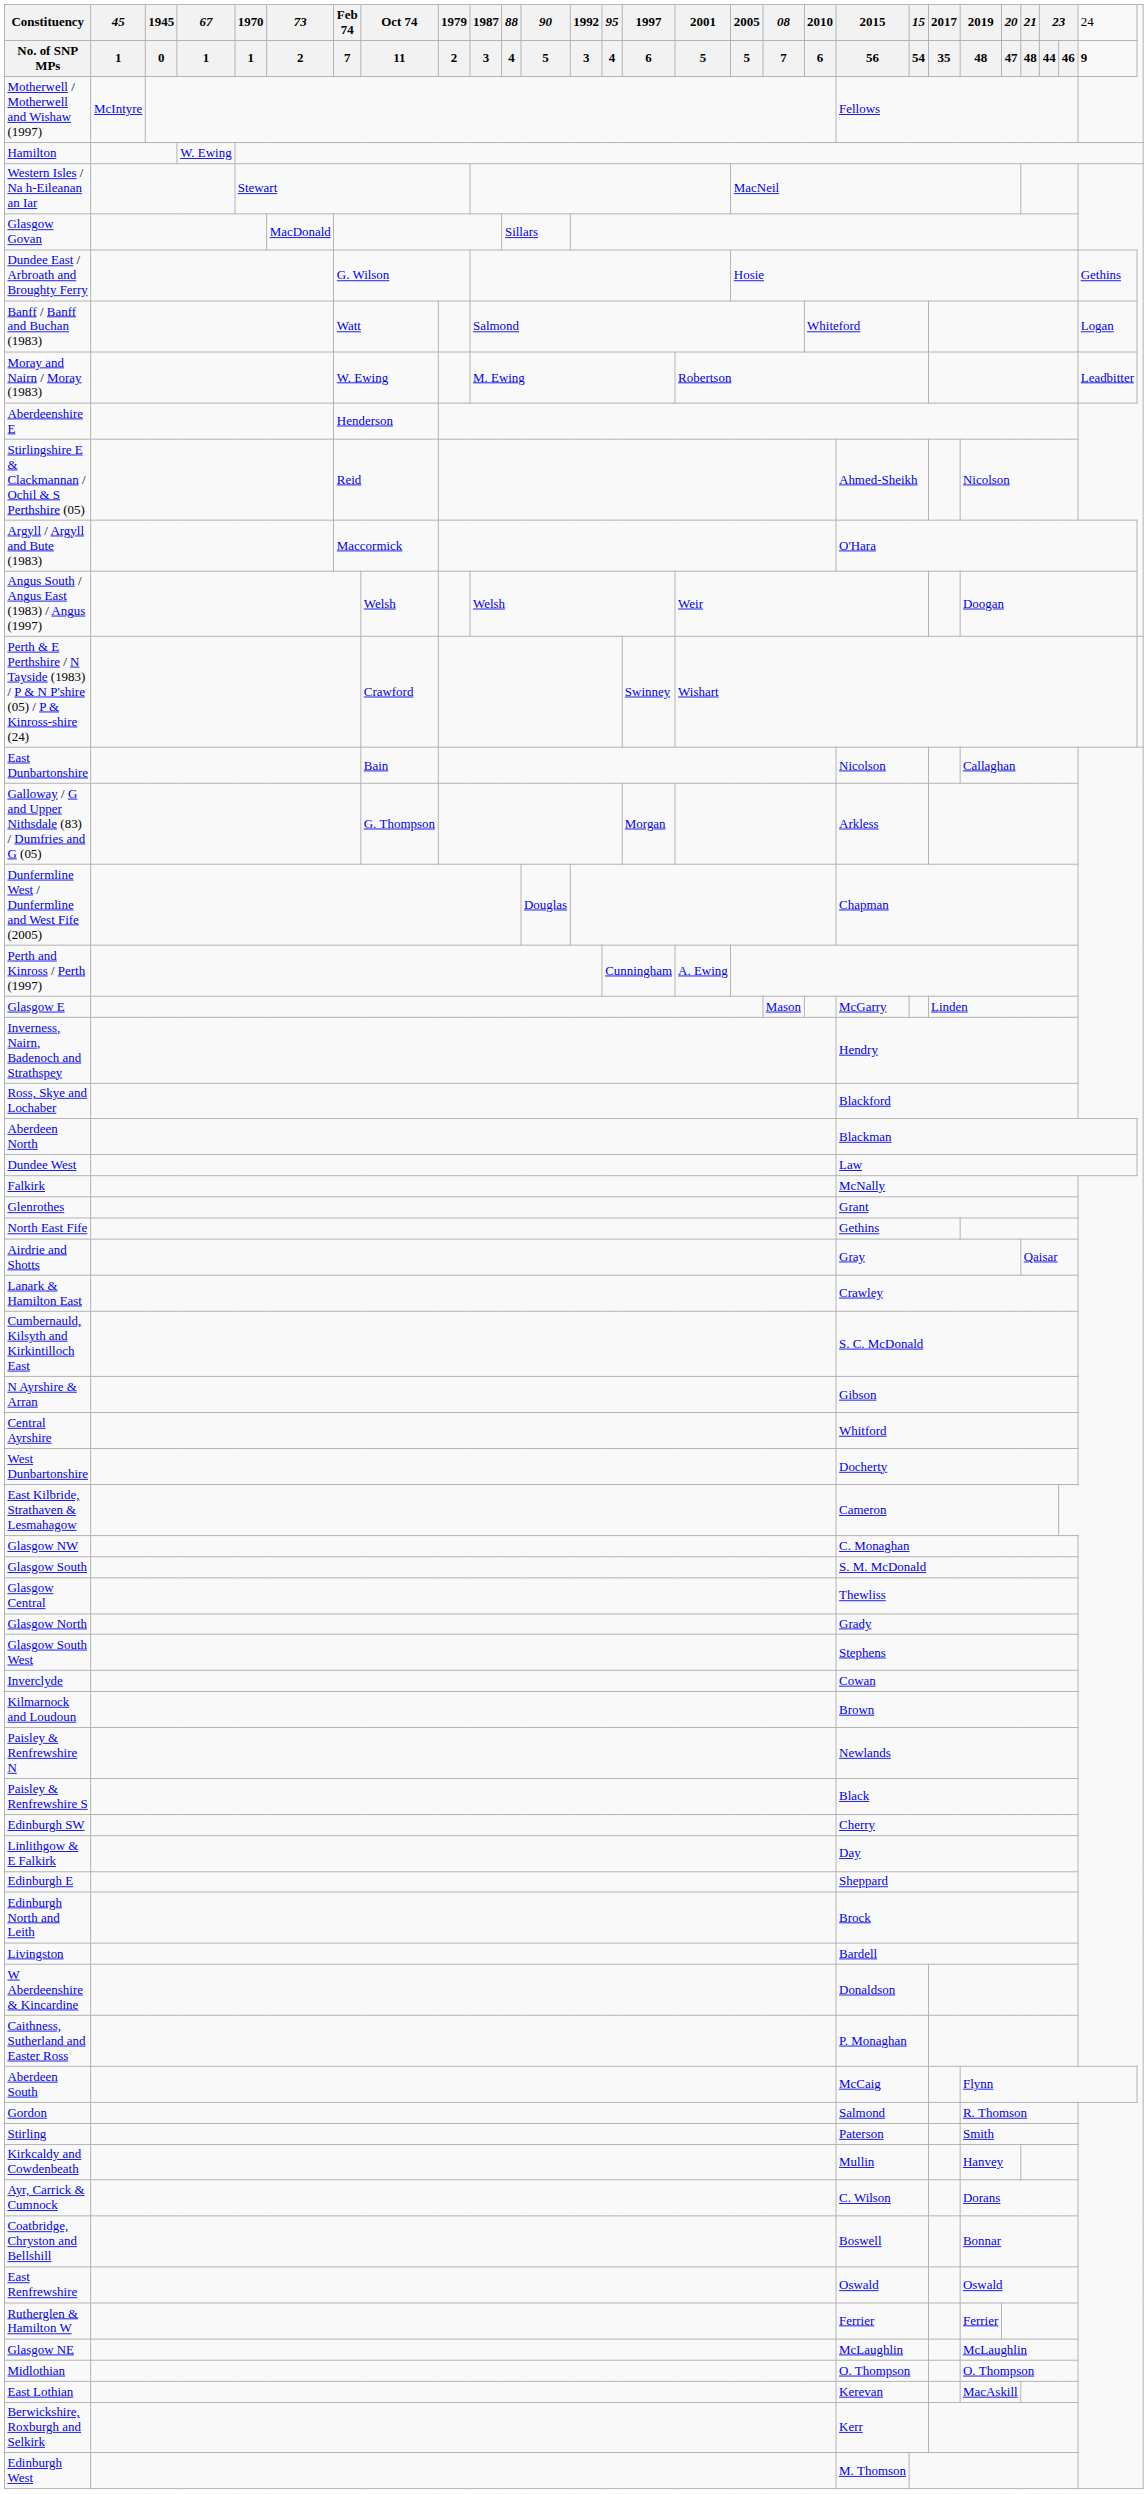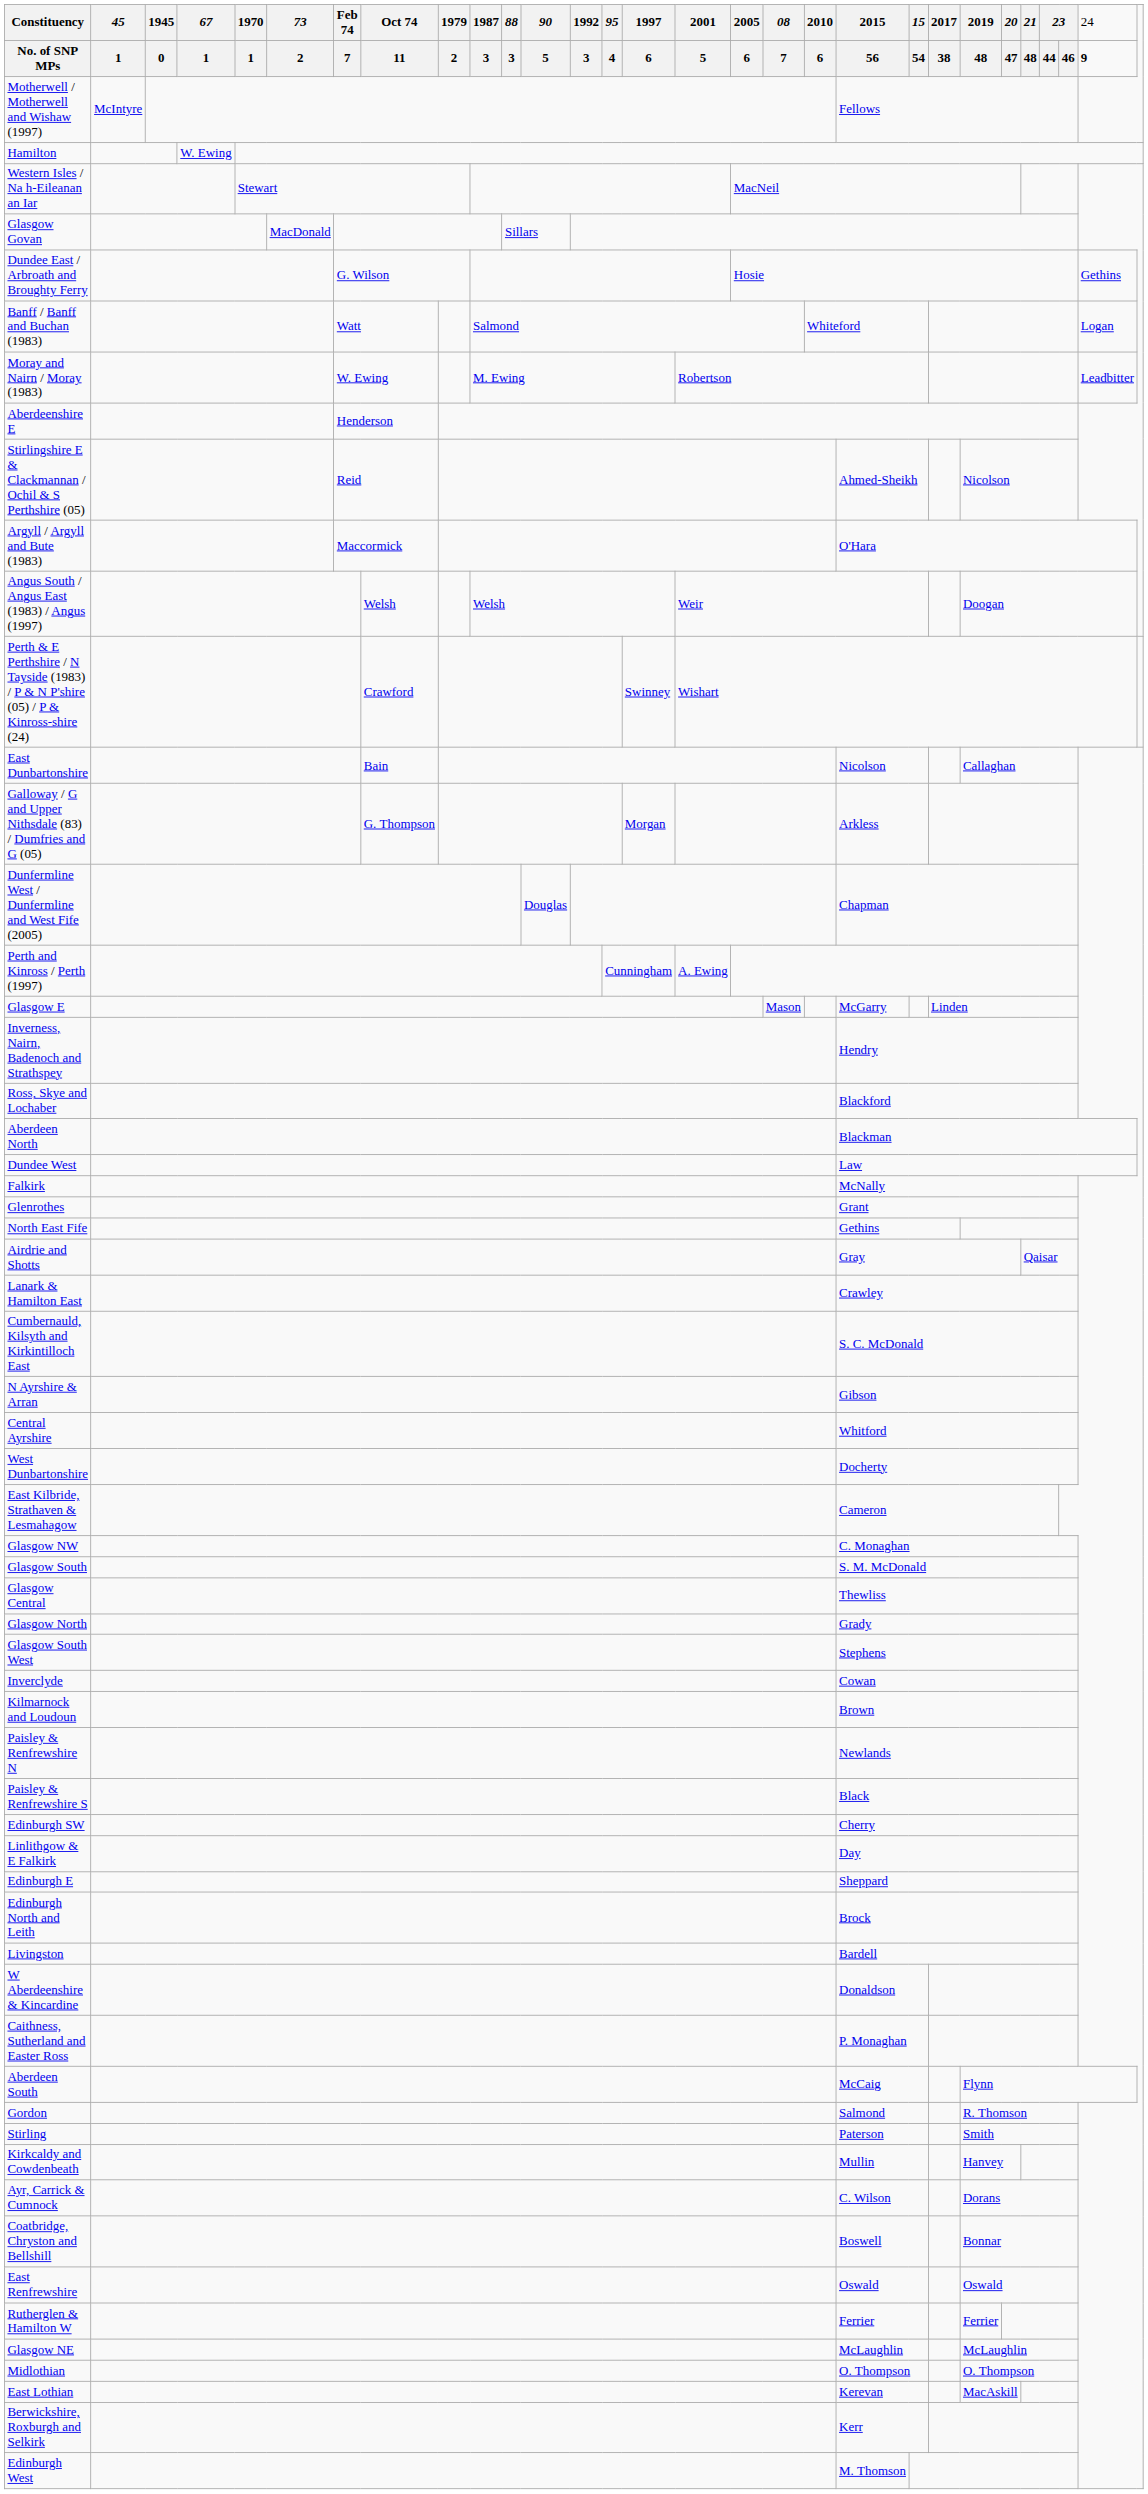 <table class="wikitable" style="font-size:92%">
 <tr>
 <th>Constituency</th>
 <th><em>45</em></th>
 <th>1945</th>
 <th><em>67</em></th>
 <th>1970</th>
 <th><em>73</em></th>
 <th>Feb 74</th>
 <th>Oct 74</th>
 <th>1979</th>
 <th>1987</th>
 <th><em>88</em></th>
 <th><em>90</em></th>
 <th>1992</th>
 <th><em>95</em></th>
 <th>1997</th>
 <th>2001</th>
 <th>2005</th>
 <th><em>08</em></th>
 <th>2010</th>
 <th>2015</th>
 <th><em>15</em></th>
 <th>2017</th>
 <th>2019</th>
 <th><em>20</em></th>
 <th><em>21</em></th>
 <th colspan=2><em>23</em></th>
 <td>24</td>
 </tr>
 <tr>
 <th>No. of SNP MPs</th>
 <th>1</th>
 <th>0</th>
 <th>1</th>
 <th>1</th>
 <th>2</th>
 <th>7</th>
 <th>11</th>
 <th>2</th>
 <th>3</th>
-<th>4</th>
+<th>3</th>
 <th>5</th>
 <th>3</th>
 <th>4</th>
 <th>6</th>
 <th>5</th>
-<th>5</th>
+<th>6</th>
 <th>7</th>
 <th>6</th>
 <th>56</th>
 <th>54</th>
-<th>35</th>
+<th>38</th>
 <th>48</th>
 <th>47</th>
 <th>48</th>
 <th>44</th>
 <th>46</th>
 <td><strong>9</strong></td>
 </tr>
 <tr>
 <td><a href='#'>Motherwell</a> / <a href='#'>Motherwell and Wishaw</a> (1997)</td>
 <td><a href='#'>McIntyre</a></td>
 <td colspan="17"></td>
 <td colspan="8"><a href='#'>Fellows</a></td>
 </tr>
 <tr>
 <td><a href='#'>Hamilton</a></td>
 <td colspan="2"></td>
 <td><a href='#'>W. Ewing</a></td>
 <td colspan="26"></td>
 </tr>
 <tr>
 <td><a href='#'>Western Isles</a> / <a href='#'>Na h-Eileanan an Iar</a></td>
 <td colspan="3"></td>
 <td colspan="5"><a href='#'>Stewart</a></td>
 <td colspan="7"></td>
 <td colspan="8"><a href='#'>MacNeil</a></td>
 <td colspan="3"></td>
 </tr>
 <tr>
 <td><a href='#'>Glasgow Govan</a></td>
 <td colspan="4"></td>
 <td><a href='#'>MacDonald</a></td>
 <td colspan="4"></td>
 <td colspan="2"><a href='#'>Sillars</a></td>
 <td colspan="15"></td>
 </tr>
 <tr>
 <td><a href='#'>Dundee East</a> / <a href='#'>Arbroath and Broughty Ferry</a></td>
 <td colspan="5"></td>
 <td colspan="3"><a href='#'>G. Wilson</a></td>
 <td colspan="7"></td>
 <td colspan="11"><a href='#'>Hosie</a></td>
 <td colspan="1"><a href='#'>Gethins</a></td>
 </tr>
 <tr>
 <td><a href='#'>Banff</a> / <a href='#'>Banff and Buchan</a> (1983)</td>
 <td colspan="5"></td>
 <td colspan="2"><a href='#'>Watt</a></td>
 <td></td>
 <td colspan="9"><a href='#'>Salmond</a></td>
 <td colspan="3"><a href='#'>Whiteford</a></td>
 <td colspan="6"></td>
 <td colspan="1"><a href='#'>Logan</a></td>
 </tr>
 <tr>
 <td><a href='#'>Moray and Nairn</a> / <a href='#'>Moray</a> (1983)</td>
 <td colspan="5"></td>
 <td colspan="2"><a href='#'>W. Ewing</a></td>
 <td></td>
 <td colspan="6"><a href='#'>M. Ewing</a></td>
 <td colspan="6"><a href='#'>Robertson</a></td>
 <td colspan="6"></td>
 <td colspan="1"><a href='#'>Leadbitter</a></td>
 </tr>
 <tr>
 <td><a href='#'>Aberdeenshire E</a></td>
 <td colspan="5"></td>
 <td colspan="2"><a href='#'>Henderson</a></td>
 <td colspan="19"></td>
 </tr>
 <tr>
 <td><a href='#'>Stirlingshire E & Clackmannan</a> / <a href='#'>Ochil & S Perthshire</a> (05)</td>
 <td colspan="5"></td>
 <td colspan="2"><a href='#'>Reid</a></td>
 <td colspan="11"></td>
 <td colspan="2"><a href='#'>Ahmed-Sheikh</a></td>
 <td colspan="1"></td>
 <td colspan="5"><a href='#'>Nicolson</a></td>
 </tr>
 <tr>
 <td><a href='#'>Argyll</a> / <a href='#'>Argyll and Bute</a> (1983)</td>
 <td colspan="5"></td>
 <td colspan="2"><a href='#'>Maccormick</a></td>
 <td colspan="11"></td>
 <td colspan="9"><a href='#'>O'Hara</a></td>
 </tr>
 <tr>
 <td><a href='#'>Angus South</a> / <a href='#'>Angus East</a> (1983) / <a href='#'>Angus</a> (1997)</td>
 <td colspan="6"></td>
 <td><a href='#'>Welsh</a></td>
 <td></td>
 <td colspan="6"><a href='#'>Welsh</a></td>
 <td colspan="6"><a href='#'>Weir</a></td>
 <td></td>
 <td colspan="6"><a href='#'>Doogan</a></td>
 </tr>
 <tr>
 <td><a href='#'>Perth & E Perthshire</a> / <a href='#'>N Tayside</a> (1983) / <a href='#'>P & N P'shire</a> (05) / <a href='#'>P & Kinross-shire</a> (24)</td>
 <td colspan="6"></td>
 <td><a href='#'>Crawford</a></td>
 <td colspan="6"></td>
 <td><a href='#'>Swinney</a></td>
 <td colspan="13"><a href='#'>Wishart</a></td>
 <td></td>
 </tr>
 <tr>
 <td><a href='#'>East Dunbartonshire</a></td>
 <td colspan="6"></td>
 <td><a href='#'>Bain</a></td>
 <td colspan="11"></td>
 <td colspan="2"><a href='#'>Nicolson</a></td>
 <td></td>
 <td colspan="5"><a href='#'>Callaghan</a></td>
 </tr>
 <tr>
 <td><a href='#'>Galloway</a> / <a href='#'>G and Upper Nithsdale</a> (83) / <a href='#'>Dumfries and G</a> (05)</td>
 <td colspan="6"></td>
 <td><a href='#'>G. Thompson</a></td>
 <td colspan="6"></td>
 <td><a href='#'>Morgan</a></td>
 <td colspan="4"></td>
 <td colspan="2"><a href='#'>Arkless</a></td>
 <td colspan="6"></td>
 </tr>
 <tr>
 <td><a href='#'>Dunfermline West</a> / <a href='#'>Dunfermline and West Fife</a> (2005)</td>
 <td colspan="10"></td>
 <td><a href='#'>Douglas</a></td>
 <td colspan="7"></td>
 <td colspan="8"><a href='#'>Chapman</a></td>
 </tr>
 <tr>
 <td><a href='#'>Perth and Kinross</a> / <a href='#'>Perth</a> (1997)</td>
 <td colspan="12"></td>
 <td colspan="2"><a href='#'>Cunningham</a></td>
 <td><a href='#'>A. Ewing</a></td>
 <td colspan="11"></td>
 </tr>
 <tr>
 <td><a href='#'>Glasgow E</a></td>
 <td colspan="16"></td>
 <td><a href='#'>Mason</a></td>
 <td></td>
 <td><a href='#'>McGarry</a></td>
 <td></td>
 <td colspan="6"><a href='#'>Linden</a></td>
 </tr>
 <tr>
 <td><a href='#'>Inverness, Nairn, Badenoch and Strathspey</a></td>
 <td colspan="18"></td>
 <td colspan="8"><a href='#'>Hendry</a></td>
 </tr>
 <tr>
 <td><a href='#'>Ross, Skye and Lochaber</a></td>
 <td colspan="18"></td>
 <td colspan="8"><a href='#'>Blackford</a></td>
 </tr>
 <tr>
 <td><a href='#'>Aberdeen North</a></td>
 <td colspan="18"></td>
 <td colspan="9"><a href='#'>Blackman</a></td>
 </tr>
 <tr>
 <td><a href='#'>Dundee West</a></td>
 <td colspan="18"></td>
 <td colspan="9"><a href='#'>Law</a></td>
 </tr>
 <tr>
 <td><a href='#'>Falkirk</a></td>
 <td colspan="18"></td>
 <td colspan="8"><a href='#'>McNally</a></td>
 </tr>
 <tr>
 <td><a href='#'>Glenrothes</a></td>
 <td colspan="18"></td>
 <td colspan="8"><a href='#'>Grant</a></td>
 </tr>
 <tr>
 <td><a href='#'>North East Fife</a></td>
 <td colspan="18"></td>
 <td colspan="3"><a href='#'>Gethins</a></td>
 <td colspan="5"></td>
 </tr>
 <tr>
 <td><a href='#'>Airdrie and Shotts</a></td>
 <td colspan="18"></td>
 <td colspan="5"><a href='#'>Gray</a></td>
 <td colspan="3"><a href='#'>Qaisar</a></td>
 </tr>
 <tr>
 <td><a href='#'>Lanark & Hamilton East</a></td>
 <td colspan="18"></td>
 <td colspan="8"><a href='#'>Crawley</a></td>
 </tr>
 <tr>
 <td><a href='#'>Cumbernauld, Kilsyth and Kirkintilloch East</a></td>
 <td colspan="18"></td>
 <td colspan="8"><a href='#'>S. C. McDonald</a></td>
 </tr>
 <tr>
 <td><a href='#'>N Ayrshire & Arran</a></td>
 <td colspan="18"></td>
 <td colspan="8"><a href='#'>Gibson</a></td>
 </tr>
 <tr>
 <td><a href='#'>Central Ayrshire</a></td>
 <td colspan="18"></td>
 <td colspan="8"><a href='#'>Whitford</a></td>
 </tr>
 <tr>
 <td><a href='#'>West Dunbartonshire</a></td>
 <td colspan="18"></td>
 <td colspan="8"><a href='#'>Docherty</a></td>
 </tr>
 <tr>
 <td><a href='#'>East Kilbride, Strathaven & Lesmahagow</a></td>
 <td colspan="18"></td>
 <td colspan="7"><a href='#'>Cameron</a></td>
 </tr>
 <tr>
 <td><a href='#'>Glasgow NW</a></td>
 <td colspan="18"></td>
 <td colspan="8"><a href='#'>C. Monaghan</a></td>
 </tr>
 <tr>
 <td><a href='#'>Glasgow South</a></td>
 <td colspan="18"></td>
 <td colspan="8"><a href='#'>S. M. McDonald</a></td>
 </tr>
 <tr>
 <td><a href='#'>Glasgow Central</a></td>
 <td colspan="18"></td>
 <td colspan="8"><a href='#'>Thewliss</a></td>
 </tr>
 <tr>
 <td><a href='#'>Glasgow North</a></td>
 <td colspan="18"></td>
 <td colspan="8"><a href='#'>Grady</a></td>
 </tr>
 <tr>
 <td><a href='#'>Glasgow South West</a></td>
 <td colspan="18"></td>
 <td colspan="8"><a href='#'>Stephens</a></td>
 </tr>
 <tr>
 <td><a href='#'>Inverclyde</a></td>
 <td colspan="18"></td>
 <td colspan="8"><a href='#'>Cowan</a></td>
 </tr>
 <tr>
 <td><a href='#'>Kilmarnock and Loudoun</a></td>
 <td colspan="18"></td>
 <td colspan="8"><a href='#'>Brown</a></td>
 </tr>
 <tr>
 <td><a href='#'>Paisley & Renfrewshire N</a></td>
 <td colspan="18"></td>
 <td colspan="8"><a href='#'>Newlands</a></td>
 </tr>
 <tr>
 <td><a href='#'>Paisley & Renfrewshire S</a></td>
 <td colspan="18"></td>
 <td colspan="8"><a href='#'>Black</a></td>
 </tr>
 <tr>
 <td><a href='#'>Edinburgh SW</a></td>
 <td colspan="18"></td>
 <td colspan="8"><a href='#'>Cherry</a></td>
 </tr>
 <tr>
 <td><a href='#'>Linlithgow & E Falkirk</a></td>
 <td colspan="18"></td>
 <td colspan="8"><a href='#'>Day</a></td>
 </tr>
 <tr>
 <td><a href='#'>Edinburgh E</a></td>
 <td colspan="18"></td>
 <td colspan="8"><a href='#'>Sheppard</a></td>
 </tr>
 <tr>
 <td><a href='#'>Edinburgh North and Leith</a></td>
 <td colspan="18"></td>
 <td colspan="8"><a href='#'>Brock</a></td>
 </tr>
 <tr>
 <td><a href='#'>Livingston</a></td>
 <td colspan="18"></td>
 <td colspan="8"><a href='#'>Bardell</a></td>
 </tr>
 <tr>
 <td><a href='#'>W Aberdeenshire & Kincardine</a></td>
 <td colspan="18"></td>
 <td colspan="2"><a href='#'>Donaldson</a></td>
 <td colspan="6"></td>
 </tr>
 <tr>
 <td><a href='#'>Caithness, Sutherland and Easter Ross</a></td>
 <td colspan="18"></td>
 <td colspan="2"><a href='#'>P. Monaghan</a></td>
 <td colspan="6"></td>
 </tr>
 <tr>
 <td><a href='#'>Aberdeen South</a></td>
 <td colspan="18"></td>
 <td colspan="2"><a href='#'>McCaig</a></td>
 <td></td>
 <td colspan="6"><a href='#'>Flynn</a></td>
 </tr>
 <tr>
 <td><a href='#'>Gordon</a></td>
 <td colspan="18"></td>
 <td colspan="2"><a href='#'>Salmond</a></td>
 <td></td>
 <td colspan="5"><a href='#'>R. Thomson</a></td>
 </tr>
 <tr>
 <td><a href='#'>Stirling</a></td>
 <td colspan="18"></td>
 <td colspan="2"><a href='#'>Paterson</a></td>
 <td></td>
 <td colspan="5"><a href='#'>Smith</a></td>
 </tr>
 <tr>
 <td><a href='#'>Kirkcaldy and Cowdenbeath</a></td>
 <td colspan="18"></td>
 <td colspan="2"><a href='#'>Mullin</a></td>
 <td></td>
 <td colspan="2"><a href='#'>Hanvey</a></td>
 <td colspan="3"></td>
 </tr>
 <tr>
 <td><a href='#'>Ayr, Carrick & Cumnock</a></td>
 <td colspan="18"></td>
 <td colspan="2"><a href='#'>C. Wilson</a></td>
 <td></td>
 <td colspan="5"><a href='#'>Dorans</a></td>
 </tr>
 <tr>
 <td><a href='#'>Coatbridge, Chryston and Bellshill</a></td>
 <td colspan="18"></td>
 <td colspan="2"><a href='#'>Boswell</a></td>
 <td></td>
 <td colspan="5"><a href='#'>Bonnar</a></td>
 </tr>
 <tr>
 <td><a href='#'>East Renfrewshire</a></td>
 <td colspan="18"></td>
 <td colspan="2"><a href='#'>Oswald</a></td>
 <td></td>
 <td colspan="5"><a href='#'>Oswald</a></td>
 </tr>
 <tr>
 <td><a href='#'>Rutherglen & Hamilton W</a></td>
 <td colspan="18"></td>
 <td colspan="2"><a href='#'>Ferrier</a></td>
 <td></td>
 <td><a href='#'>Ferrier</a></td>
 <td colspan="4"></td>
 </tr>
 <tr>
 <td><a href='#'>Glasgow NE</a></td>
 <td colspan="18"></td>
 <td colspan="2"><a href='#'>McLaughlin</a></td>
 <td></td>
 <td colspan="5"><a href='#'>McLaughlin</a></td>
 </tr>
 <tr>
 <td><a href='#'>Midlothian</a></td>
 <td colspan="18"></td>
 <td colspan="2"><a href='#'>O. Thompson</a></td>
 <td></td>
 <td colspan="5"><a href='#'>O. Thompson</a></td>
 </tr>
 <tr>
 <td><a href='#'>East Lothian</a></td>
 <td colspan="18"></td>
 <td colspan="2"><a href='#'>Kerevan</a></td>
 <td></td>
 <td colspan="2"><a href='#'>MacAskill</a></td>
 <td colspan="3"></td>
 </tr>
 <tr>
 <td><a href='#'>Berwickshire, Roxburgh and Selkirk</a></td>
 <td colspan="18"></td>
 <td colspan="2"><a href='#'>Kerr</a></td>
 <td colspan="6"></td>
 </tr>
 <tr>
 <td><a href='#'>Edinburgh West</a></td>
 <td colspan="18"></td>
 <td><a href='#'>M. Thomson</a></td>
 <td colspan="7"></td>
 </tr>
 </table>
